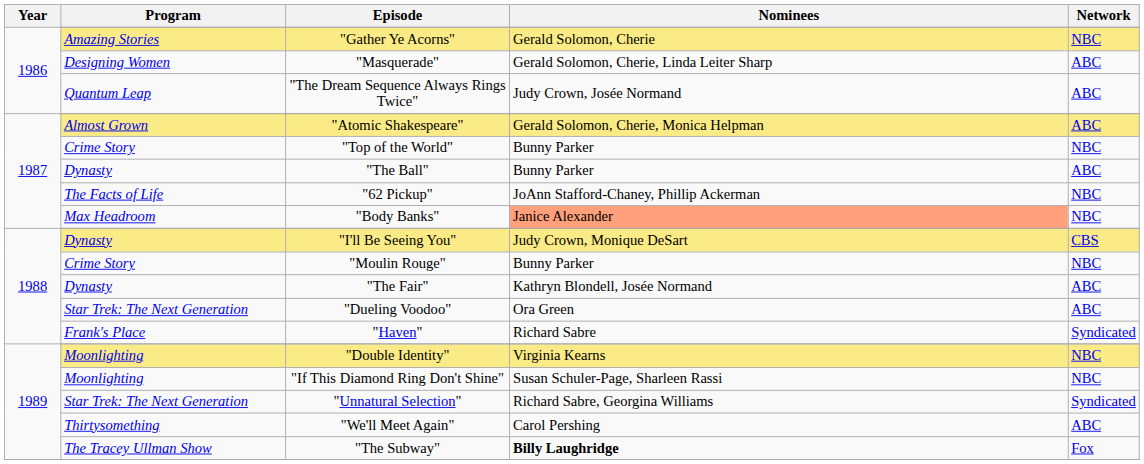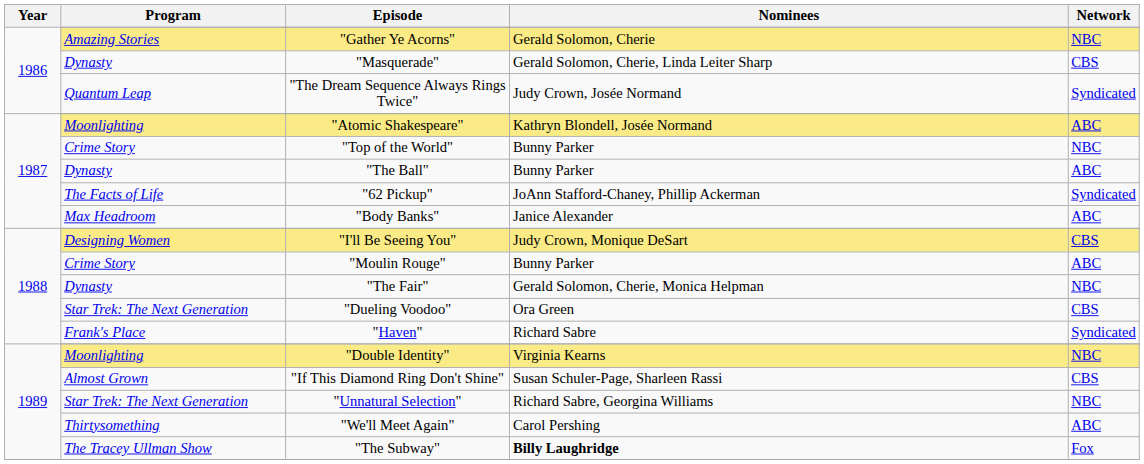 <table class="wikitable">
 <tr>
 <th width="5%">Year</th>
 <th width="20%">Program</th>
 <th width="20%">Episode</th>
 <th width="50%">Nominees</th>
 <th width="5%">Network</th>
 </tr>
 <tr>
 <td rowspan="4" style="text-align:center;"><a href='#'>1986</a><br></td>
 </tr>
 <tr style="background:#FAEB86;">
 <td><em><a href='#'>Amazing Stories</a></em></td>
 <td align=center>"Gather Ye Acorns"</td>
 <td>Gerald Solomon, Cherie</td>
 <td><a href='#'>NBC</a></td>
 </tr>
 <tr>
-<td><em><a href='#'>Designing Women</a></em></td>
+<td><em><a href='#'>Dynasty</a> </em></td>
 <td align=center>"Masquerade"</td>
 <td>Gerald Solomon, Cherie, Linda Leiter Sharp</td>
-<td><a href='#'>ABC</a></td>
+<td><a href='#'>CBS</a></td>
 </tr>
 <tr>
 <td><em><a href='#'>Quantum Leap</a></em></td>
 <td align=center>"The Dream Sequence Always Rings Twice"</td>
 <td>Judy Crown, Josée Normand</td>
-<td><a href='#'>ABC</a></td>
+<td><a href='#'>Syndicated</a></td>
 </tr>
 <tr>
 <td rowspan="6" style="text-align:center;"><a href='#'>1987</a><br></td>
 </tr>
 <tr style="background:#FAEB86;">
-<td><em><a href='#'>Almost Grown</a> </em></td>
+<td><em><a href='#'>Moonlighting</a></em></td>
 <td align=center>"Atomic Shakespeare"</td>
-<td>Gerald Solomon, Cherie, Monica Helpman</td>
+<td>Kathryn Blondell, Josée Normand</td>
 <td><a href='#'>ABC</a></td>
 </tr>
 <tr>
 <td><em><a href='#'>Crime Story</a> </em></td>
 <td align=center>"Top of the World"</td>
 <td>Bunny Parker</td>
 <td><a href='#'>NBC</a></td>
 </tr>
 <tr>
 <td><em><a href='#'>Dynasty</a> </em></td>
 <td align=center>"The Ball"</td>
 <td>Bunny Parker</td>
 <td><a href='#'>ABC</a></td>
 </tr>
 <tr>
 <td><em><a href='#'>The Facts of Life</a> </em></td>
 <td align=center>"62 Pickup"</td>
 <td>JoAnn Stafford-Chaney, Phillip Ackerman</td>
-<td><a href='#'>NBC</a></td>
+<td><a href='#'>Syndicated</a></td>
 </tr>
 <tr>
 <td><em><a href='#'>Max Headroom</a> </em></td>
 <td align=center>"Body Banks"</td>
-<td style="background: lightsalmon;">Janice Alexander</td>
-<td><a href='#'>NBC</a></td>
+<td>Janice Alexander</td>
+<td><a href='#'>ABC</a></td>
 </tr>
 <tr>
 <td rowspan="6" style="text-align:center;"><a href='#'>1988</a><br></td>
 </tr>
 <tr style="background:#FAEB86;">
-<td><em><a href='#'>Dynasty</a> </em></td>
+<td><em><a href='#'>Designing Women</a></em></td>
 <td align=center>"I'll Be Seeing You"</td>
 <td>Judy Crown, Monique DeSart</td>
 <td><a href='#'>CBS</a></td>
 </tr>
 <tr>
 <td><em><a href='#'>Crime Story</a> </em></td>
 <td align=center>"Moulin Rouge"</td>
 <td>Bunny Parker</td>
-<td><a href='#'>NBC</a></td>
+<td><a href='#'>ABC</a></td>
 </tr>
 <tr>
 <td><em><a href='#'>Dynasty</a> </em></td>
 <td align=center>"The Fair"</td>
-<td>Kathryn Blondell, Josée Normand</td>
-<td><a href='#'>ABC</a></td>
+<td>Gerald Solomon, Cherie, Monica Helpman</td>
+<td><a href='#'>NBC</a></td>
 </tr>
 <tr>
 <td><em><a href='#'>Star Trek: The Next Generation</a> </em></td>
 <td align=center>"Dueling Voodoo"</td>
 <td>Ora Green</td>
-<td><a href='#'>ABC</a></td>
+<td><a href='#'>CBS</a></td>
 </tr>
 <tr>
 <td><em><a href='#'>Frank's Place</a> </em></td>
 <td align=center>"<a href='#'>Haven</a>"</td>
 <td>Richard Sabre</td>
 <td><a href='#'>Syndicated</a></td>
 </tr>
 <tr>
 <td rowspan="6" style="text-align:center;"><a href='#'>1989</a><br></td>
 </tr>
 <tr style="background:#FAEB86;">
 <td><em><a href='#'>Moonlighting</a> </em></td>
 <td align=center>"Double Identity"</td>
 <td>Virginia Kearns</td>
 <td><a href='#'>NBC</a></td>
 </tr>
 <tr>
-<td><em><a href='#'>Moonlighting</a></em></td>
+<td><em><a href='#'>Almost Grown</a> </em></td>
 <td align=center>"If This Diamond Ring Don't Shine"</td>
 <td>Susan Schuler-Page, Sharleen Rassi</td>
-<td><a href='#'>NBC</a></td>
+<td><a href='#'>CBS</a></td>
 </tr>
 <tr>
 <td><em><a href='#'>Star Trek: The Next Generation</a> </em></td>
 <td align=center>"<a href='#'>Unnatural Selection</a>"</td>
 <td>Richard Sabre, Georgina Williams</td>
-<td><a href='#'>Syndicated</a></td>
+<td><a href='#'>NBC</a></td>
 </tr>
 <tr>
 <td><em><a href='#'>Thirtysomething</a> </em></td>
 <td align=center>"We'll Meet Again"</td>
 <td>Carol Pershing</td>
 <td><a href='#'>ABC</a></td>
 </tr>
 <tr>
 <td><em><a href='#'>The Tracey Ullman Show</a> </em></td>
 <td align=center>"The Subway"</td>
 <td><strong>Billy Laughridge</strong></td>
 <td><a href='#'>Fox</a></td>
 </tr>
 <tr>
 </tr>
 </table>
